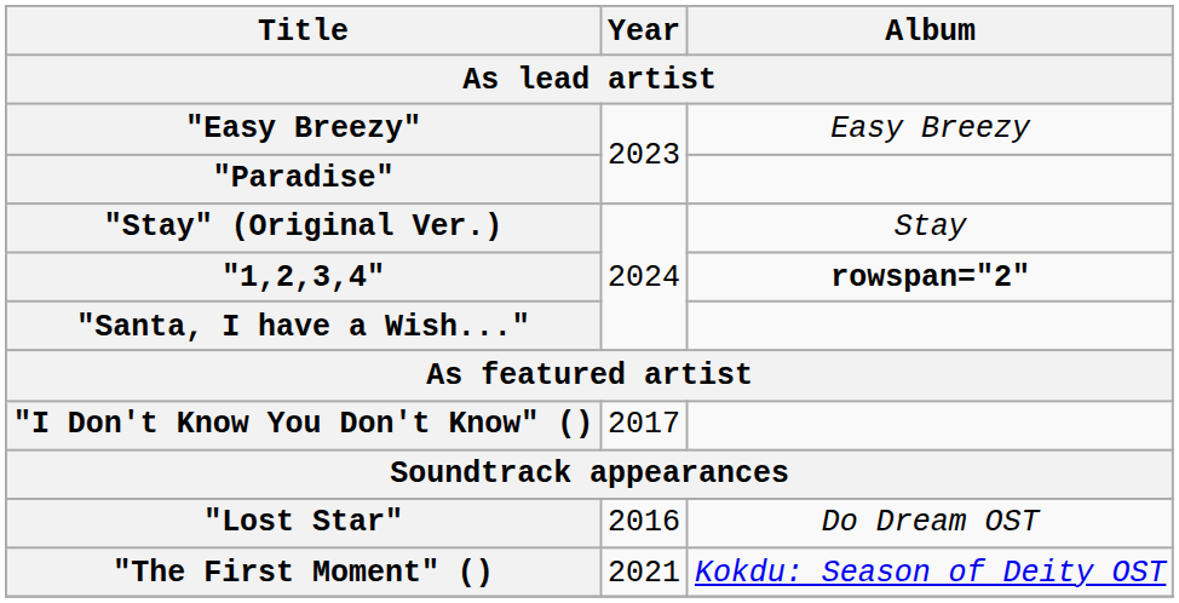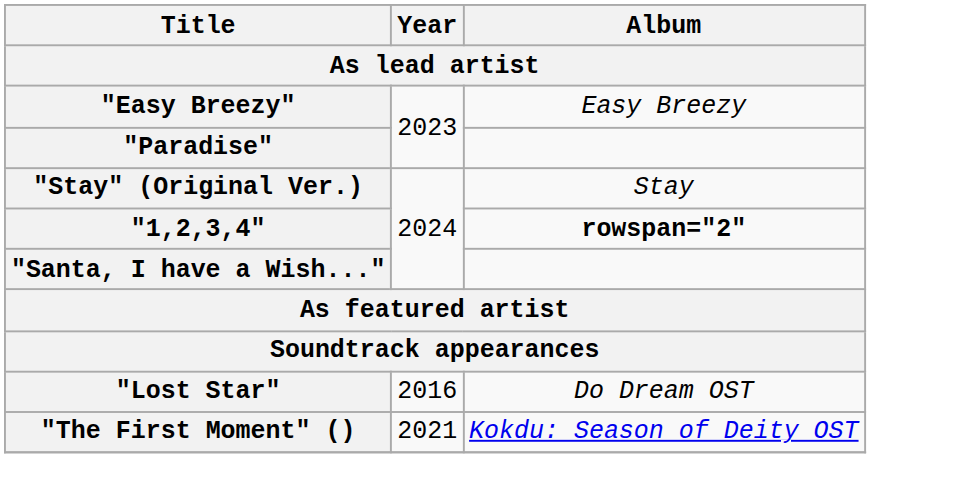 <table class="wikitable plainrowheaders" style="text-align:center;">
 <tr>
 <th scope="col">Title</th>
 <th scope="col">Year</th>
 <th scope="col">Album</th>
 </tr>
 <tr>
 <th colspan="3">As lead artist</th>
 </tr>
 <tr>
 <th scope="row">"Easy Breezy"<br></th>
 <td rowspan="2">2023</td>
 <td><em>Easy Breezy</em></td>
 </tr>
 <tr>
 <th scope="row">"Paradise"</th>
 <td></td>
 </tr>
 <tr>
 <th scope="row">"Stay" (Original Ver.)</th>
 <td rowspan="3">2024</td>
 <td><em>Stay</em></td>
 </tr>
 <tr>
 <th scope="row">"1,2,3,4"<br></th>
 <td><strong>rowspan="2" </strong></td>
 </tr>
 <tr>
 <th scope="row">"Santa, I have a Wish..."</th>
 </tr>
 <tr>
 <th colspan="3">As featured artist</th>
 </tr>
 <tr>
-<th scope="row">"I Don't Know You Don't Know" ()<br></th>
-<td>2017</td>
-<td></td>
-</tr>
-<tr>
 <th colspan="3">Soundtrack appearances</th>
 </tr>
 <tr>
 <th scope="row">"Lost Star"</th>
 <td>2016</td>
 <td><em>Do Dream OST</em></td>
 </tr>
 <tr>
 <th scope="row">"The First Moment" ()</th>
 <td>2021</td>
 <td><em><a href='#'>Kokdu: Season of Deity OST</a></em></td>
 </tr>
 <tr>
 </tr>
 </table>
